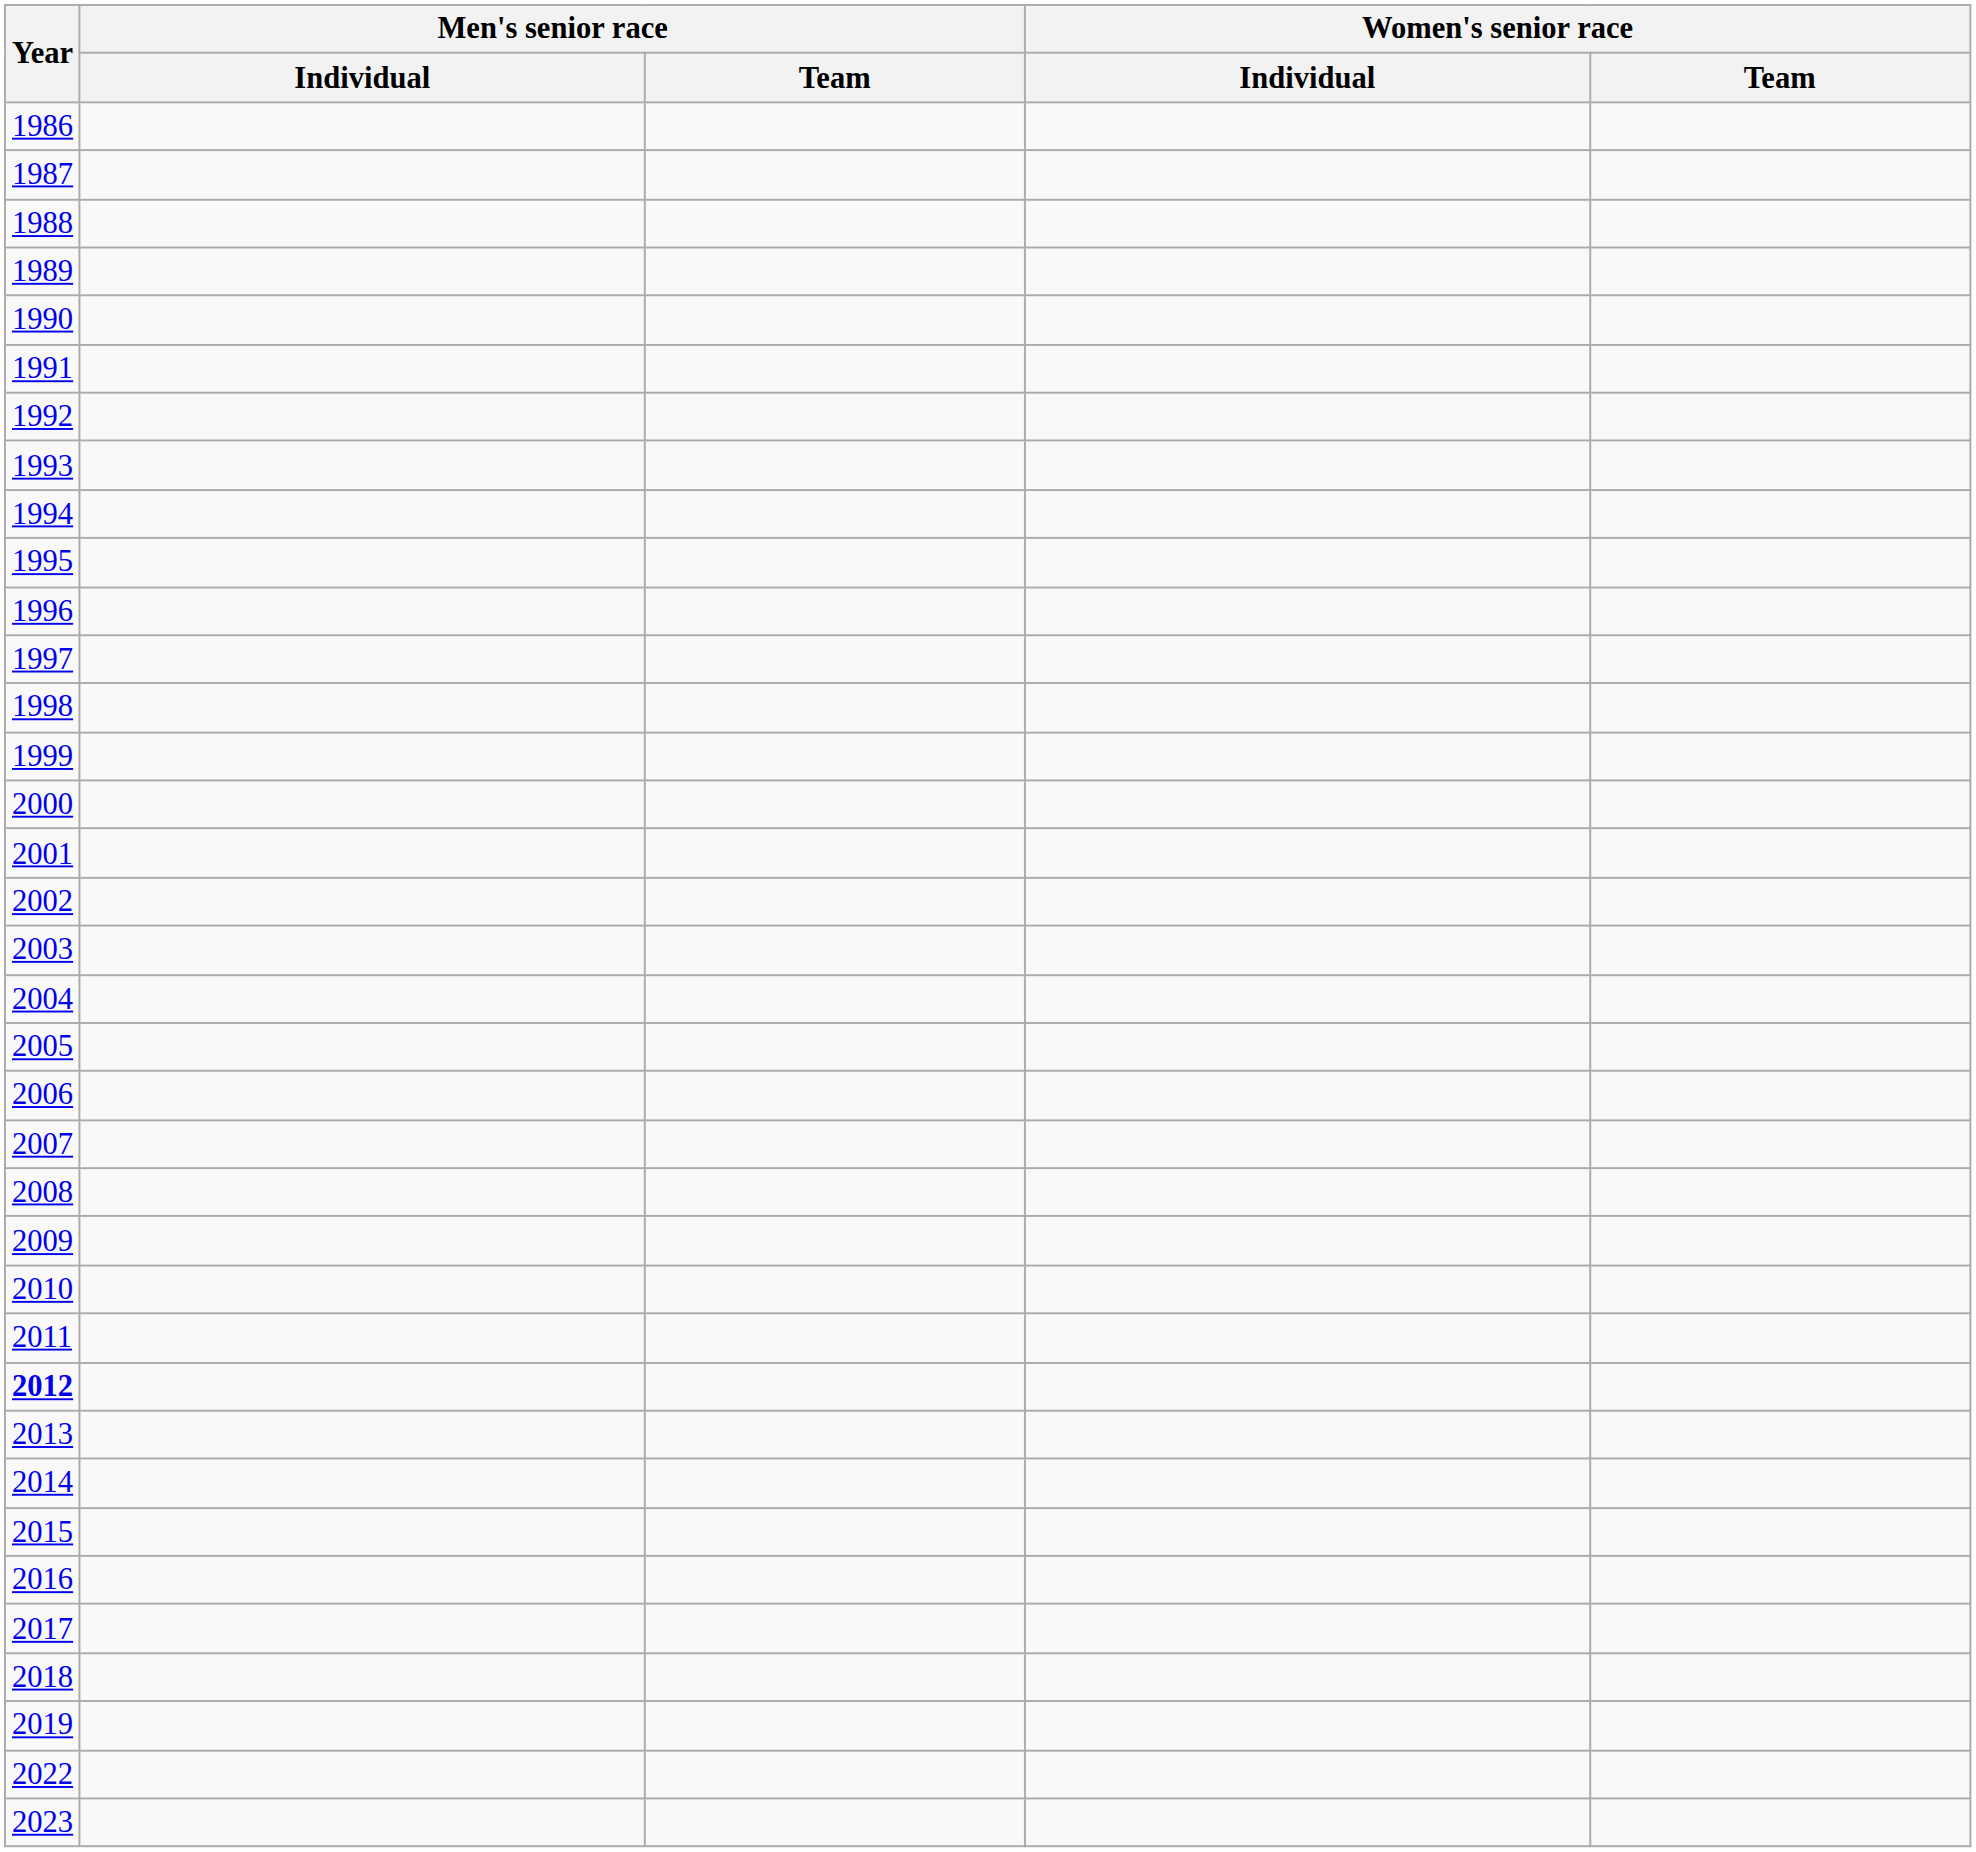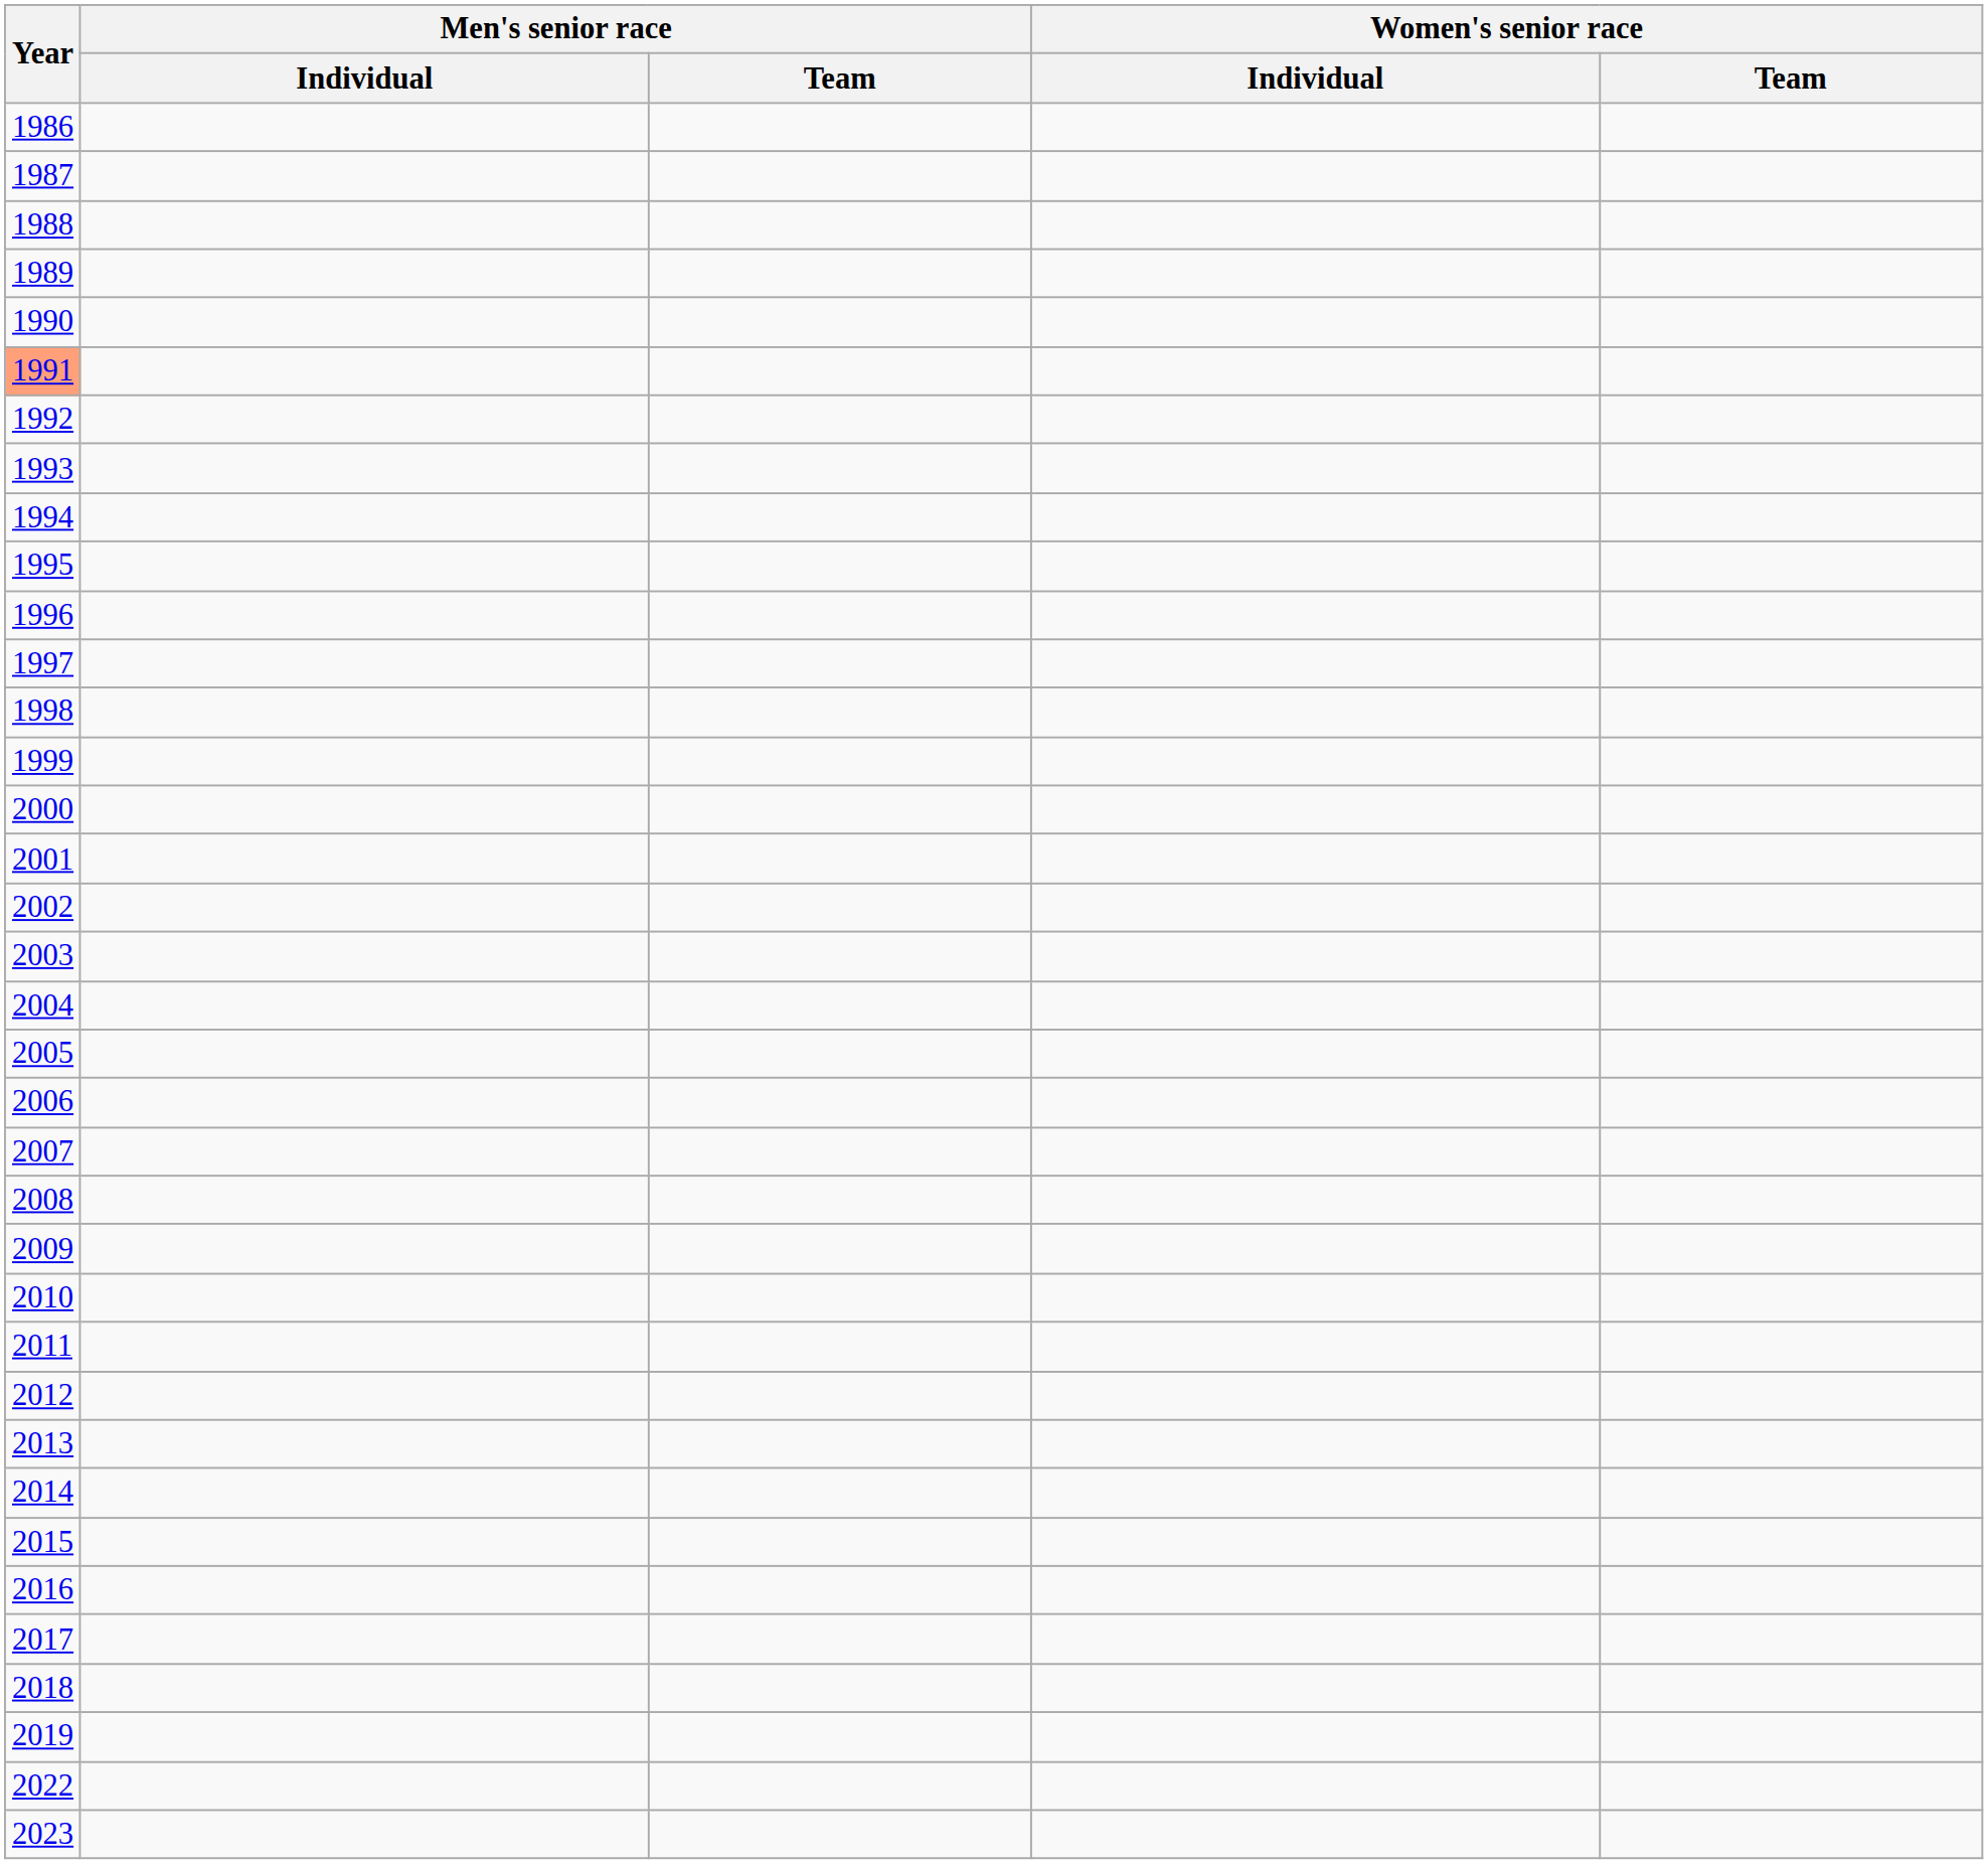 <table class="wikitable">
 <tr>
 <th rowspan=2>Year</th>
 <th colspan=2>Men's senior race</th>
 <th colspan=2>Women's senior race</th>
 </tr>
 <tr>
 <th style="width: 18em">Individual</th>
 <th style="width: 12em">Team</th>
 <th style="width: 18em">Individual</th>
 <th style="width: 12em">Team</th>
 </tr>
 <tr>
 <td><a href='#'>1986</a></td>
 <td></td>
 <td></td>
 <td></td>
 <td></td>
 </tr>
 <tr>
 <td><a href='#'>1987</a></td>
 <td></td>
 <td></td>
 <td></td>
 <td></td>
 </tr>
 <tr>
 <td><a href='#'>1988</a></td>
 <td></td>
 <td></td>
 <td></td>
 <td></td>
 </tr>
 <tr>
 <td><a href='#'>1989</a></td>
 <td></td>
 <td></td>
 <td></td>
 <td></td>
 </tr>
 <tr>
 <td><a href='#'>1990</a></td>
 <td></td>
 <td></td>
 <td></td>
 <td></td>
 </tr>
 <tr>
-<td><a href='#'>1991</a></td>
+<td style="background: lightsalmon;"><a href='#'>1991</a></td>
 <td></td>
 <td></td>
 <td></td>
 <td></td>
 </tr>
 <tr>
 <td><a href='#'>1992</a></td>
 <td></td>
 <td></td>
 <td></td>
 <td></td>
 </tr>
 <tr>
 <td><a href='#'>1993</a></td>
 <td></td>
 <td></td>
 <td></td>
 <td></td>
 </tr>
 <tr>
 <td><a href='#'>1994</a></td>
 <td></td>
 <td></td>
 <td></td>
 <td></td>
 </tr>
 <tr>
 <td><a href='#'>1995</a></td>
 <td></td>
 <td></td>
 <td></td>
 <td></td>
 </tr>
 <tr>
 <td><a href='#'>1996</a></td>
 <td></td>
 <td></td>
 <td></td>
 <td></td>
 </tr>
 <tr>
 <td><a href='#'>1997</a></td>
 <td></td>
 <td></td>
 <td></td>
 <td></td>
 </tr>
 <tr>
 <td><a href='#'>1998</a></td>
 <td></td>
 <td></td>
 <td></td>
 <td></td>
 </tr>
 <tr>
 <td><a href='#'>1999</a></td>
 <td></td>
 <td></td>
 <td></td>
 <td></td>
 </tr>
 <tr>
 <td><a href='#'>2000</a></td>
 <td></td>
 <td></td>
 <td></td>
 <td></td>
 </tr>
 <tr>
 <td><a href='#'>2001</a></td>
 <td></td>
 <td></td>
 <td></td>
 <td></td>
 </tr>
 <tr>
 <td><a href='#'>2002</a></td>
 <td></td>
 <td></td>
 <td></td>
 <td></td>
 </tr>
 <tr>
 <td><a href='#'>2003</a></td>
 <td></td>
 <td></td>
 <td></td>
 <td></td>
 </tr>
 <tr>
 <td><a href='#'>2004</a></td>
 <td></td>
 <td></td>
 <td></td>
 <td></td>
 </tr>
 <tr>
 <td><a href='#'>2005</a></td>
 <td></td>
 <td></td>
 <td></td>
 <td></td>
 </tr>
 <tr>
 <td><a href='#'>2006</a></td>
 <td></td>
 <td></td>
 <td></td>
 <td></td>
 </tr>
 <tr>
 <td><a href='#'>2007</a></td>
 <td></td>
 <td></td>
 <td></td>
 <td></td>
 </tr>
 <tr>
 <td><a href='#'>2008</a></td>
 <td></td>
 <td></td>
 <td></td>
 <td></td>
 </tr>
 <tr>
 <td><a href='#'>2009</a></td>
 <td></td>
 <td></td>
 <td></td>
 <td></td>
 </tr>
 <tr>
 <td><a href='#'>2010</a></td>
 <td></td>
 <td></td>
 <td></td>
 <td></td>
 </tr>
 <tr>
 <td><a href='#'>2011</a></td>
 <td></td>
 <td></td>
 <td></td>
 <td></td>
 </tr>
 <tr>
-<td><strong><a href='#'>2012</a></strong></td>
+<td><a href='#'>2012</a></td>
 <td></td>
 <td></td>
 <td></td>
 <td></td>
 </tr>
 <tr>
 <td><a href='#'>2013</a></td>
 <td></td>
 <td></td>
 <td></td>
 <td></td>
 </tr>
 <tr>
 <td><a href='#'>2014</a></td>
 <td></td>
 <td></td>
 <td></td>
 <td></td>
 </tr>
 <tr>
 <td><a href='#'>2015</a></td>
 <td></td>
 <td></td>
 <td></td>
 <td></td>
 </tr>
 <tr>
 <td><a href='#'>2016</a></td>
 <td></td>
 <td></td>
 <td></td>
 <td></td>
 </tr>
 <tr>
 <td><a href='#'>2017</a></td>
 <td></td>
 <td></td>
 <td></td>
 <td></td>
 </tr>
 <tr>
 <td><a href='#'>2018</a></td>
 <td></td>
 <td></td>
 <td></td>
 <td></td>
 </tr>
 <tr>
 <td><a href='#'>2019</a></td>
 <td></td>
 <td></td>
 <td></td>
 <td></td>
 </tr>
 <tr>
 <td><a href='#'>2022</a></td>
 <td></td>
 <td></td>
 <td></td>
 <td></td>
 </tr>
 <tr>
 <td><a href='#'>2023</a></td>
 <td></td>
 <td></td>
 <td></td>
 <td></td>
 </tr>
 </table>
